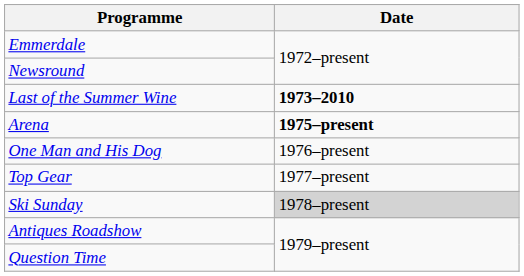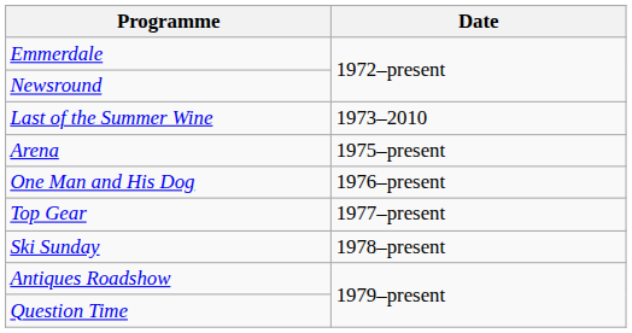 <table class="wikitable">
 <tr>
 <th width=250>Programme</th>
 <th width=225>Date</th>
 </tr>
 <tr>
 <td><em><a href='#'>Emmerdale</a></em></td>
 <td rowspan="2">1972–present</td>
 </tr>
 <tr>
 <td><em><a href='#'>Newsround</a></em></td>
 </tr>
 <tr>
 <td><em><a href='#'>Last of the Summer Wine</a></em></td>
-<td><strong>1973–2010</strong></td>
+<td>1973–2010</td>
 </tr>
 <tr>
 <td><em><a href='#'>Arena</a></em></td>
-<td><strong>1975–present</strong></td>
+<td>1975–present</td>
 </tr>
 <tr>
 <td><em><a href='#'>One Man and His Dog</a></em></td>
 <td>1976–present</td>
 </tr>
 <tr>
 <td><em><a href='#'>Top Gear</a></em></td>
 <td>1977–present</td>
 </tr>
 <tr>
 <td><em><a href='#'>Ski Sunday</a></em></td>
-<td style="background: lightgrey;">1978–present</td>
+<td>1978–present</td>
 </tr>
 <tr>
 <td><em><a href='#'>Antiques Roadshow</a></em></td>
 <td rowspan="2">1979–present</td>
 </tr>
 <tr>
 <td><em><a href='#'>Question Time</a></em></td>
 </tr>
 </table>
